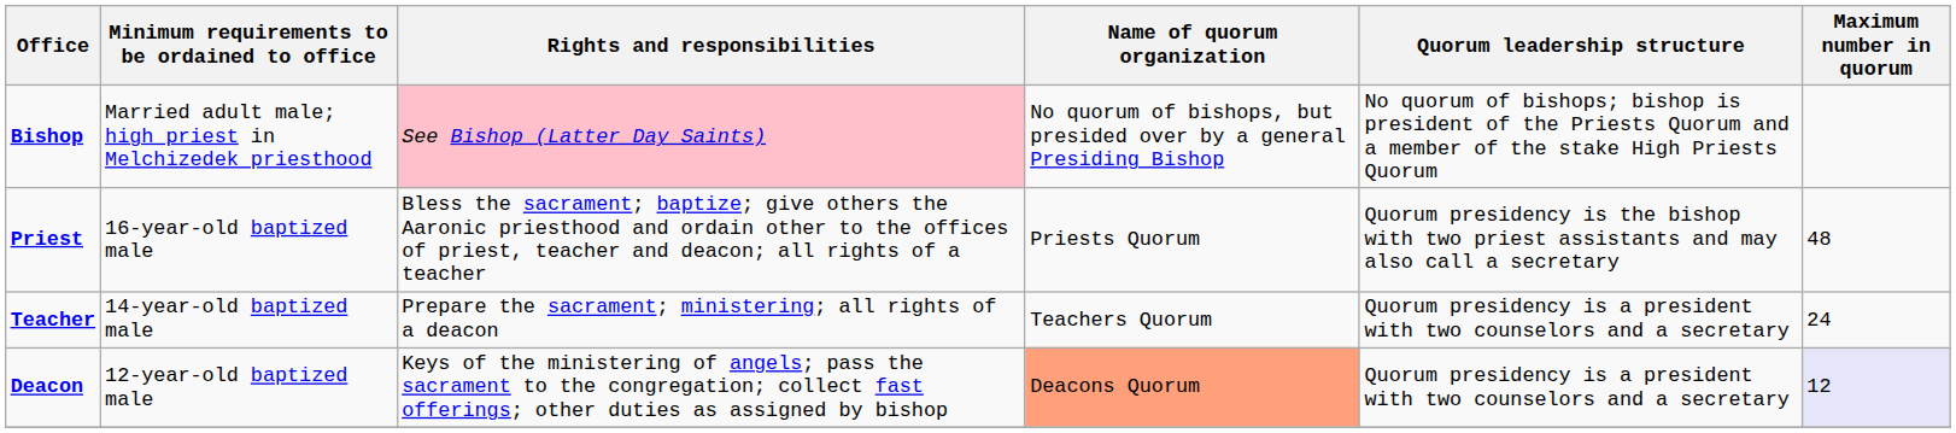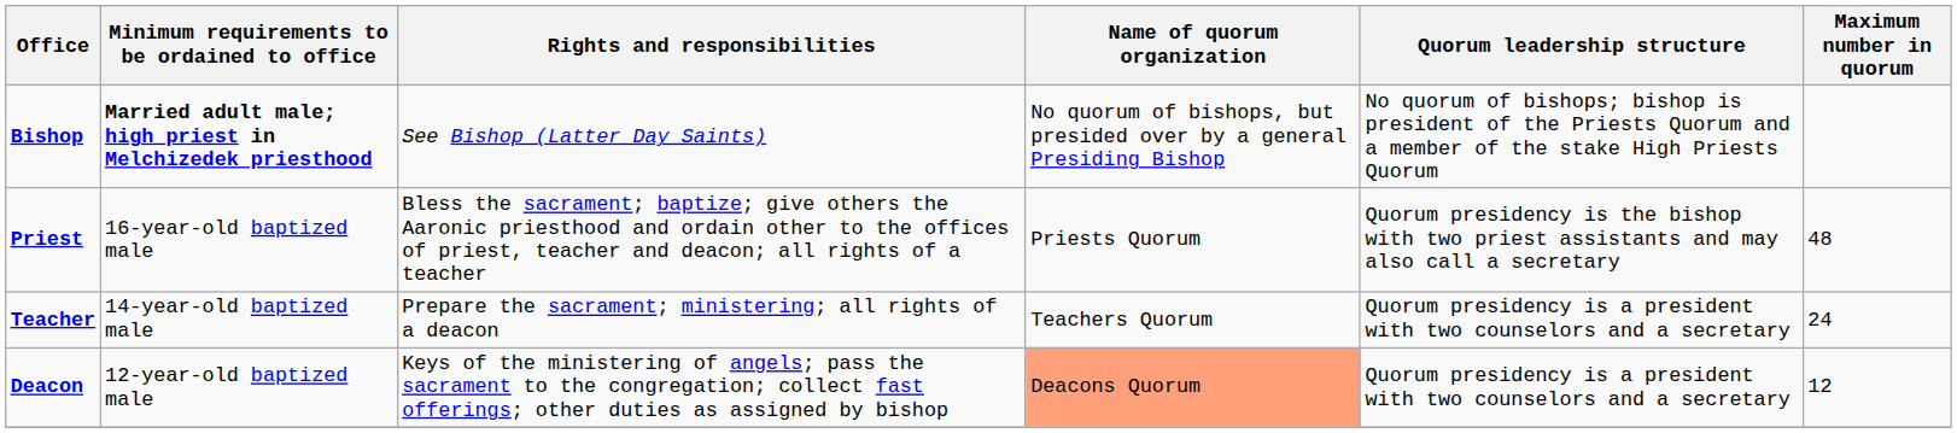 <table class=wikitable>
 <tr>
 <th>Office</th>
 <th>Minimum requirements to be ordained to office</th>
 <th>Rights and responsibilities</th>
 <th>Name of quorum organization</th>
 <th>Quorum leadership structure</th>
 <th>Maximum number in quorum</th>
 </tr>
 <tr>
 <td><strong><a href='#'>Bishop</a></strong></td>
-<td>Married adult male; <a href='#'>high priest</a> in <a href='#'>Melchizedek priesthood</a></td>
-<td style="background: pink;"><em>See <a href='#'>Bishop (Latter Day Saints)</a></em></td>
+<td><strong>Married adult male; <a href='#'>high priest</a> in <a href='#'>Melchizedek priesthood</a></strong></td>
+<td><em>See <a href='#'>Bishop (Latter Day Saints)</a></em></td>
 <td>No quorum of bishops, but presided over by a general <a href='#'>Presiding Bishop</a></td>
 <td>No quorum of bishops; bishop is president of the Priests Quorum and a member of the stake High Priests Quorum</td>
 <td></td>
 </tr>
 <tr>
 <td><strong><a href='#'>Priest</a></strong></td>
 <td>16-year-old <a href='#'>baptized</a> male</td>
 <td>Bless the <a href='#'>sacrament</a>; <a href='#'>baptize</a>; give others the Aaronic priesthood and ordain other to the offices of priest, teacher and deacon; all rights of a teacher</td>
 <td>Priests Quorum</td>
 <td>Quorum presidency is the bishop with two priest assistants and may also call a secretary</td>
 <td>48</td>
 </tr>
 <tr>
 <td><strong><a href='#'>Teacher</a></strong></td>
 <td>14-year-old <a href='#'>baptized</a> male</td>
 <td>Prepare the <a href='#'>sacrament</a>; <a href='#'>ministering</a>; all rights of a deacon</td>
 <td>Teachers Quorum</td>
 <td>Quorum presidency is a president with two counselors and a secretary</td>
 <td>24</td>
 </tr>
 <tr>
 <td><strong><a href='#'>Deacon</a></strong></td>
 <td>12-year-old <a href='#'>baptized</a> male</td>
 <td>Keys of the ministering of <a href='#'>angels</a>; pass the <a href='#'>sacrament</a> to the congregation; collect <a href='#'>fast offerings</a>; other duties as assigned by bishop</td>
 <td style="background: lightsalmon;">Deacons Quorum</td>
 <td>Quorum presidency is a president with two counselors and a secretary</td>
-<td style="background: lavender;">12</td>
+<td>12</td>
 </tr>
 <tr>
 </tr>
 </table>
